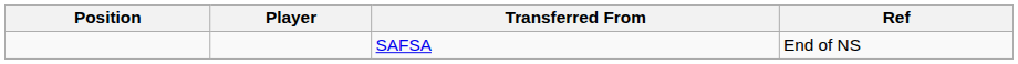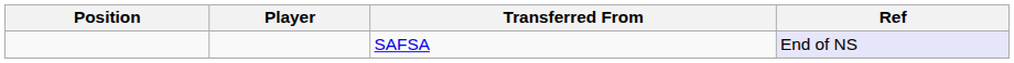 <table class="wikitable sortable" style="width:60%; text-align:center; font-size:100%; text-align:left;">
 <tr>
 <th><strong>Position</strong></th>
 <th><strong>Player</strong></th>
 <th><strong>Transferred From</strong></th>
 <th><strong>Ref</strong></th>
 </tr>
 <tr>
 <td></td>
 <td></td>
 <td> <a href='#'>SAFSA</a></td>
-<td>End of NS </td>
+<td style="background: lavender;">End of NS </td>
 </tr>
 <tr>
 </tr>
 </table>
